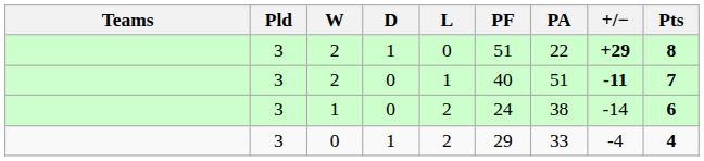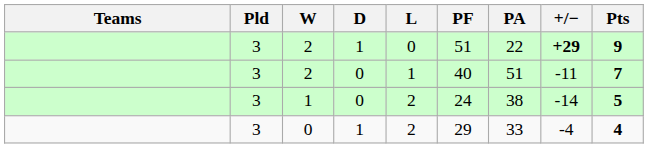 <table class="wikitable" style="text-align: center;">
 <tr>
 <th width="200">Teams</th>
 <th width="40">Pld</th>
 <th width="40">W</th>
 <th width="40">D</th>
 <th width="40">L</th>
 <th width="40">PF</th>
 <th width="40">PA</th>
 <th width="40">+/−</th>
 <th width="40">Pts</th>
 </tr>
 <tr bgcolor=#ccffcc>
 <td align=left></td>
 <td>3</td>
 <td>2</td>
 <td>1</td>
 <td>0</td>
 <td>51</td>
 <td>22</td>
 <td><strong>+29</strong></td>
-<td><strong>8</strong></td>
+<td><strong>9</strong></td>
 </tr>
 <tr bgcolor=#ccffcc>
 <td align=left></td>
 <td>3</td>
 <td>2</td>
 <td>0</td>
 <td>1</td>
 <td>40</td>
 <td>51</td>
-<td><strong>-11</strong></td>
+<td>-11</td>
 <td><strong>7</strong></td>
 </tr>
 <tr bgcolor=#ccffcc>
 <td align=left></td>
 <td>3</td>
 <td>1</td>
 <td>0</td>
 <td>2</td>
 <td>24</td>
 <td>38</td>
 <td>-14</td>
-<td><strong>6</strong></td>
+<td><strong>5</strong></td>
 </tr>
 <tr>
 <td align=left></td>
 <td>3</td>
 <td>0</td>
 <td>1</td>
 <td>2</td>
 <td>29</td>
 <td>33</td>
 <td>-4</td>
 <td><strong>4</strong></td>
 </tr>
 </table>
